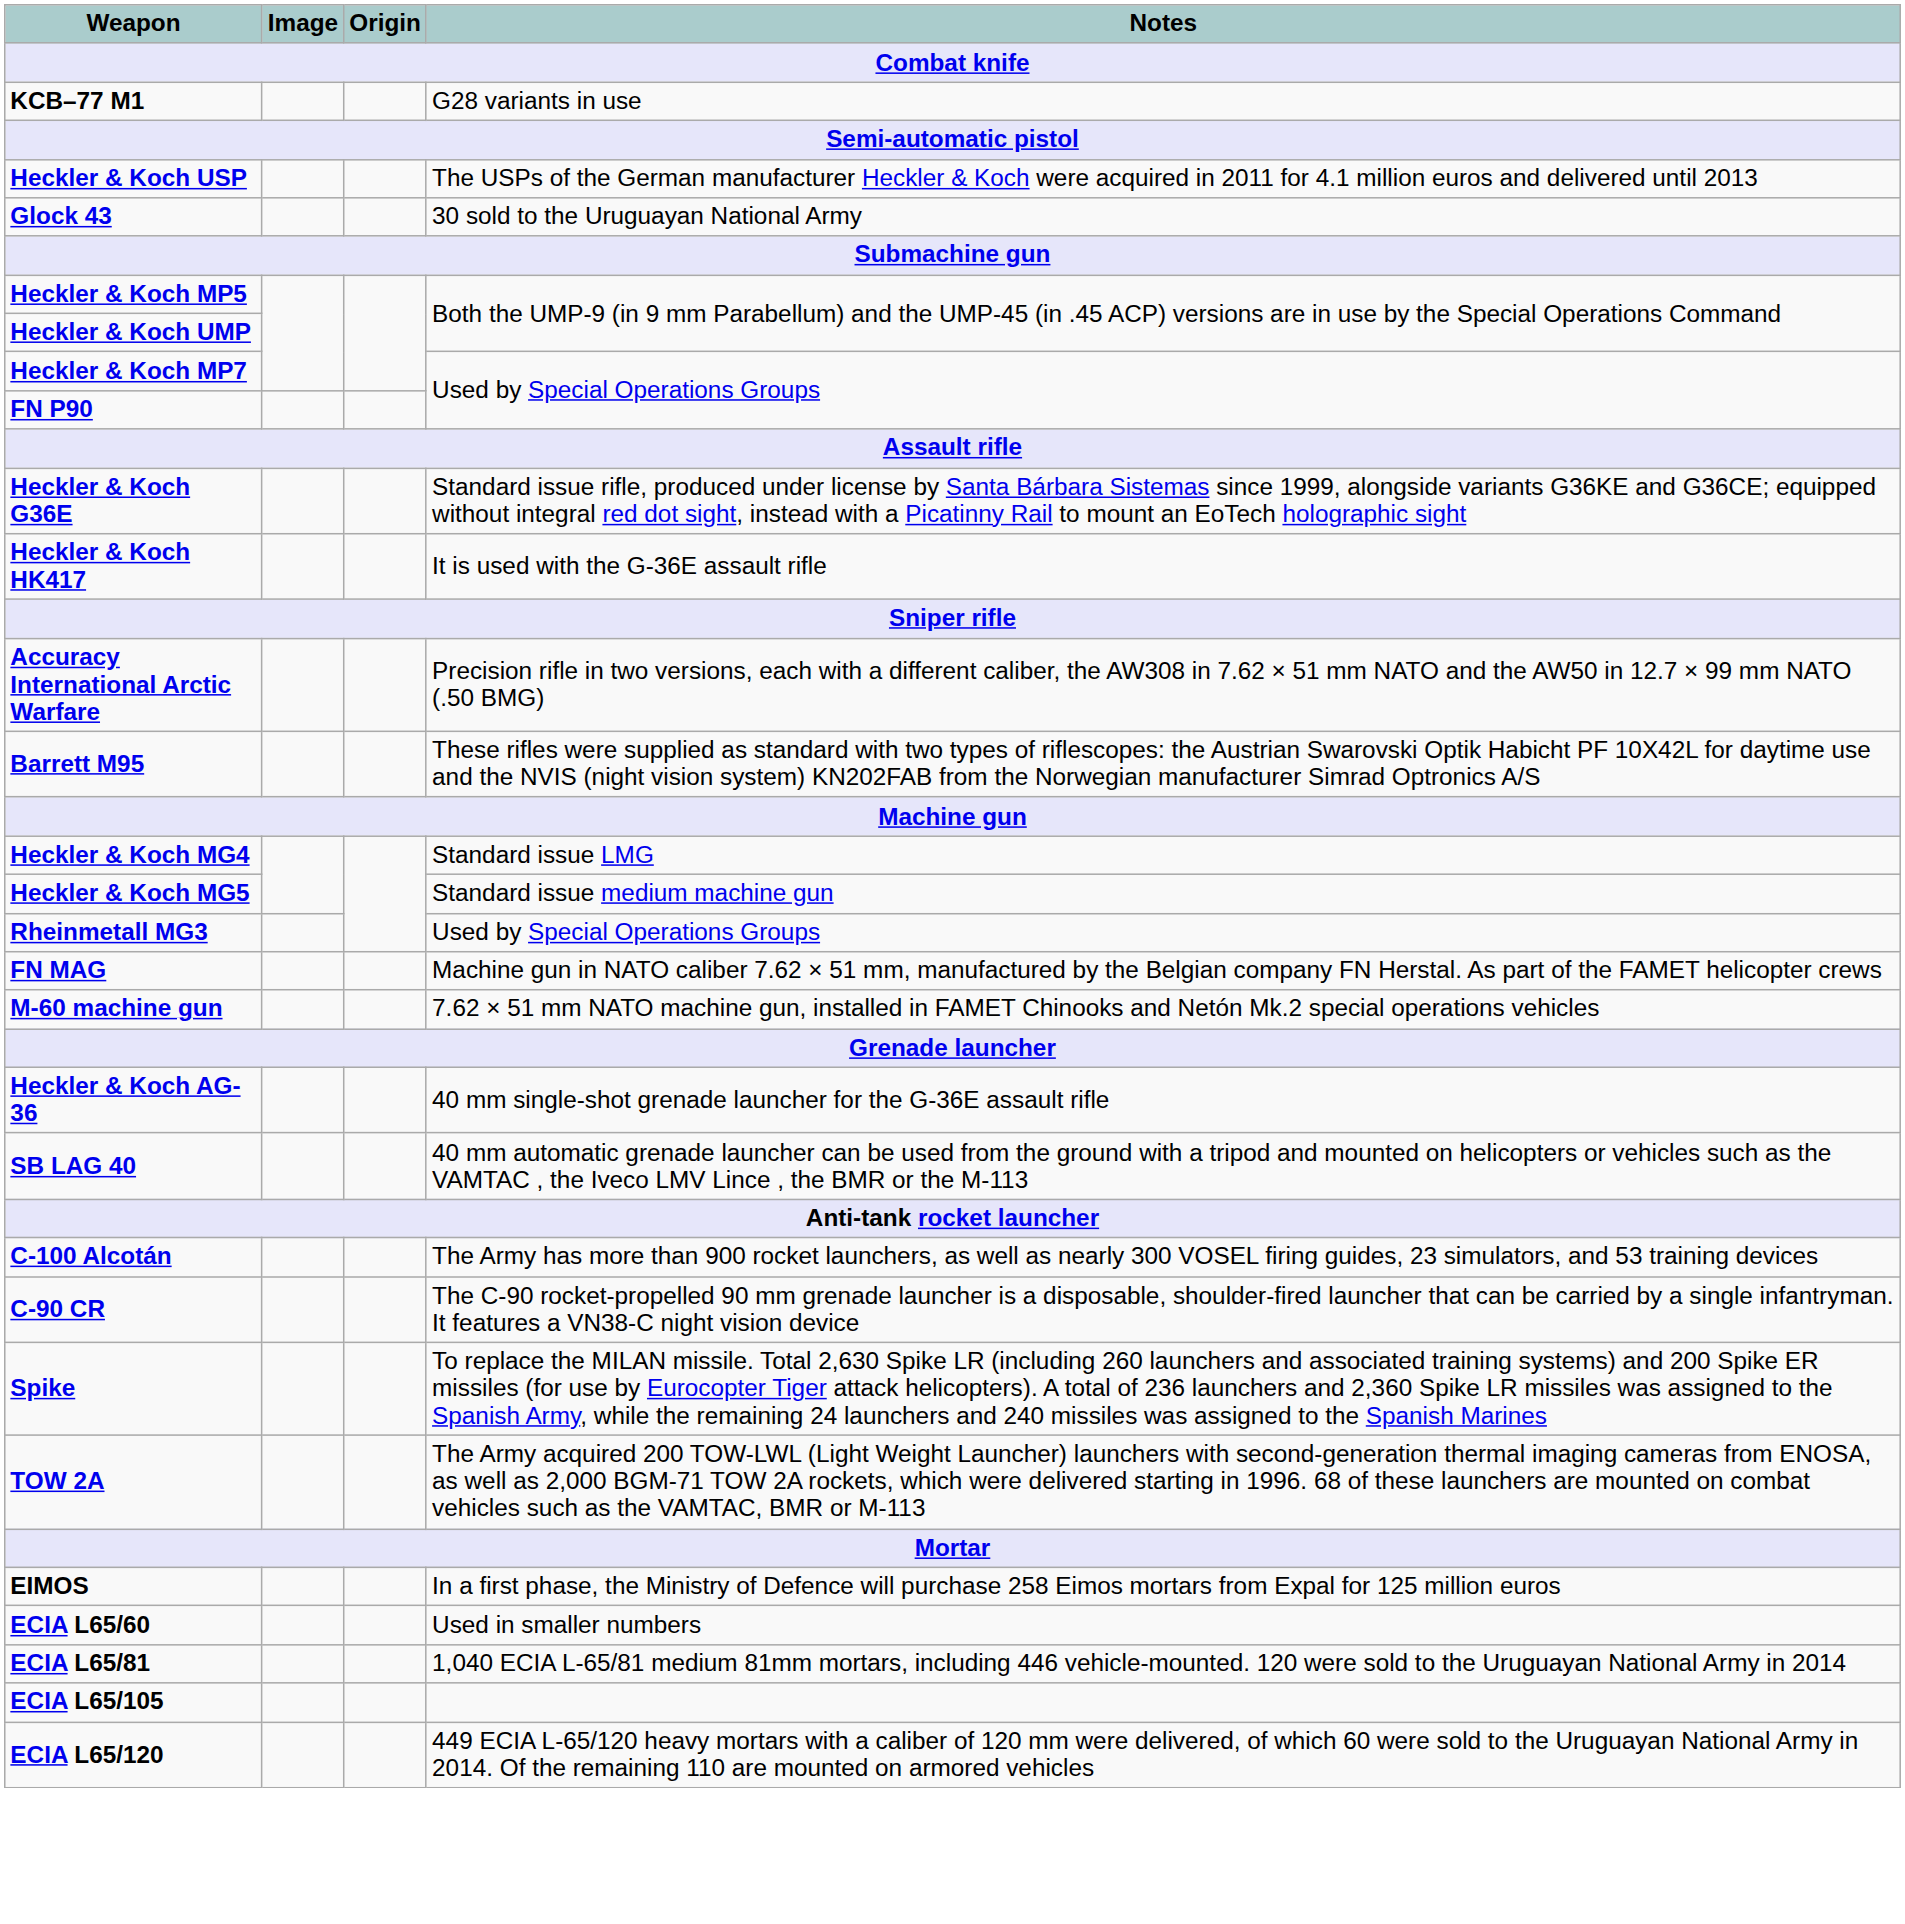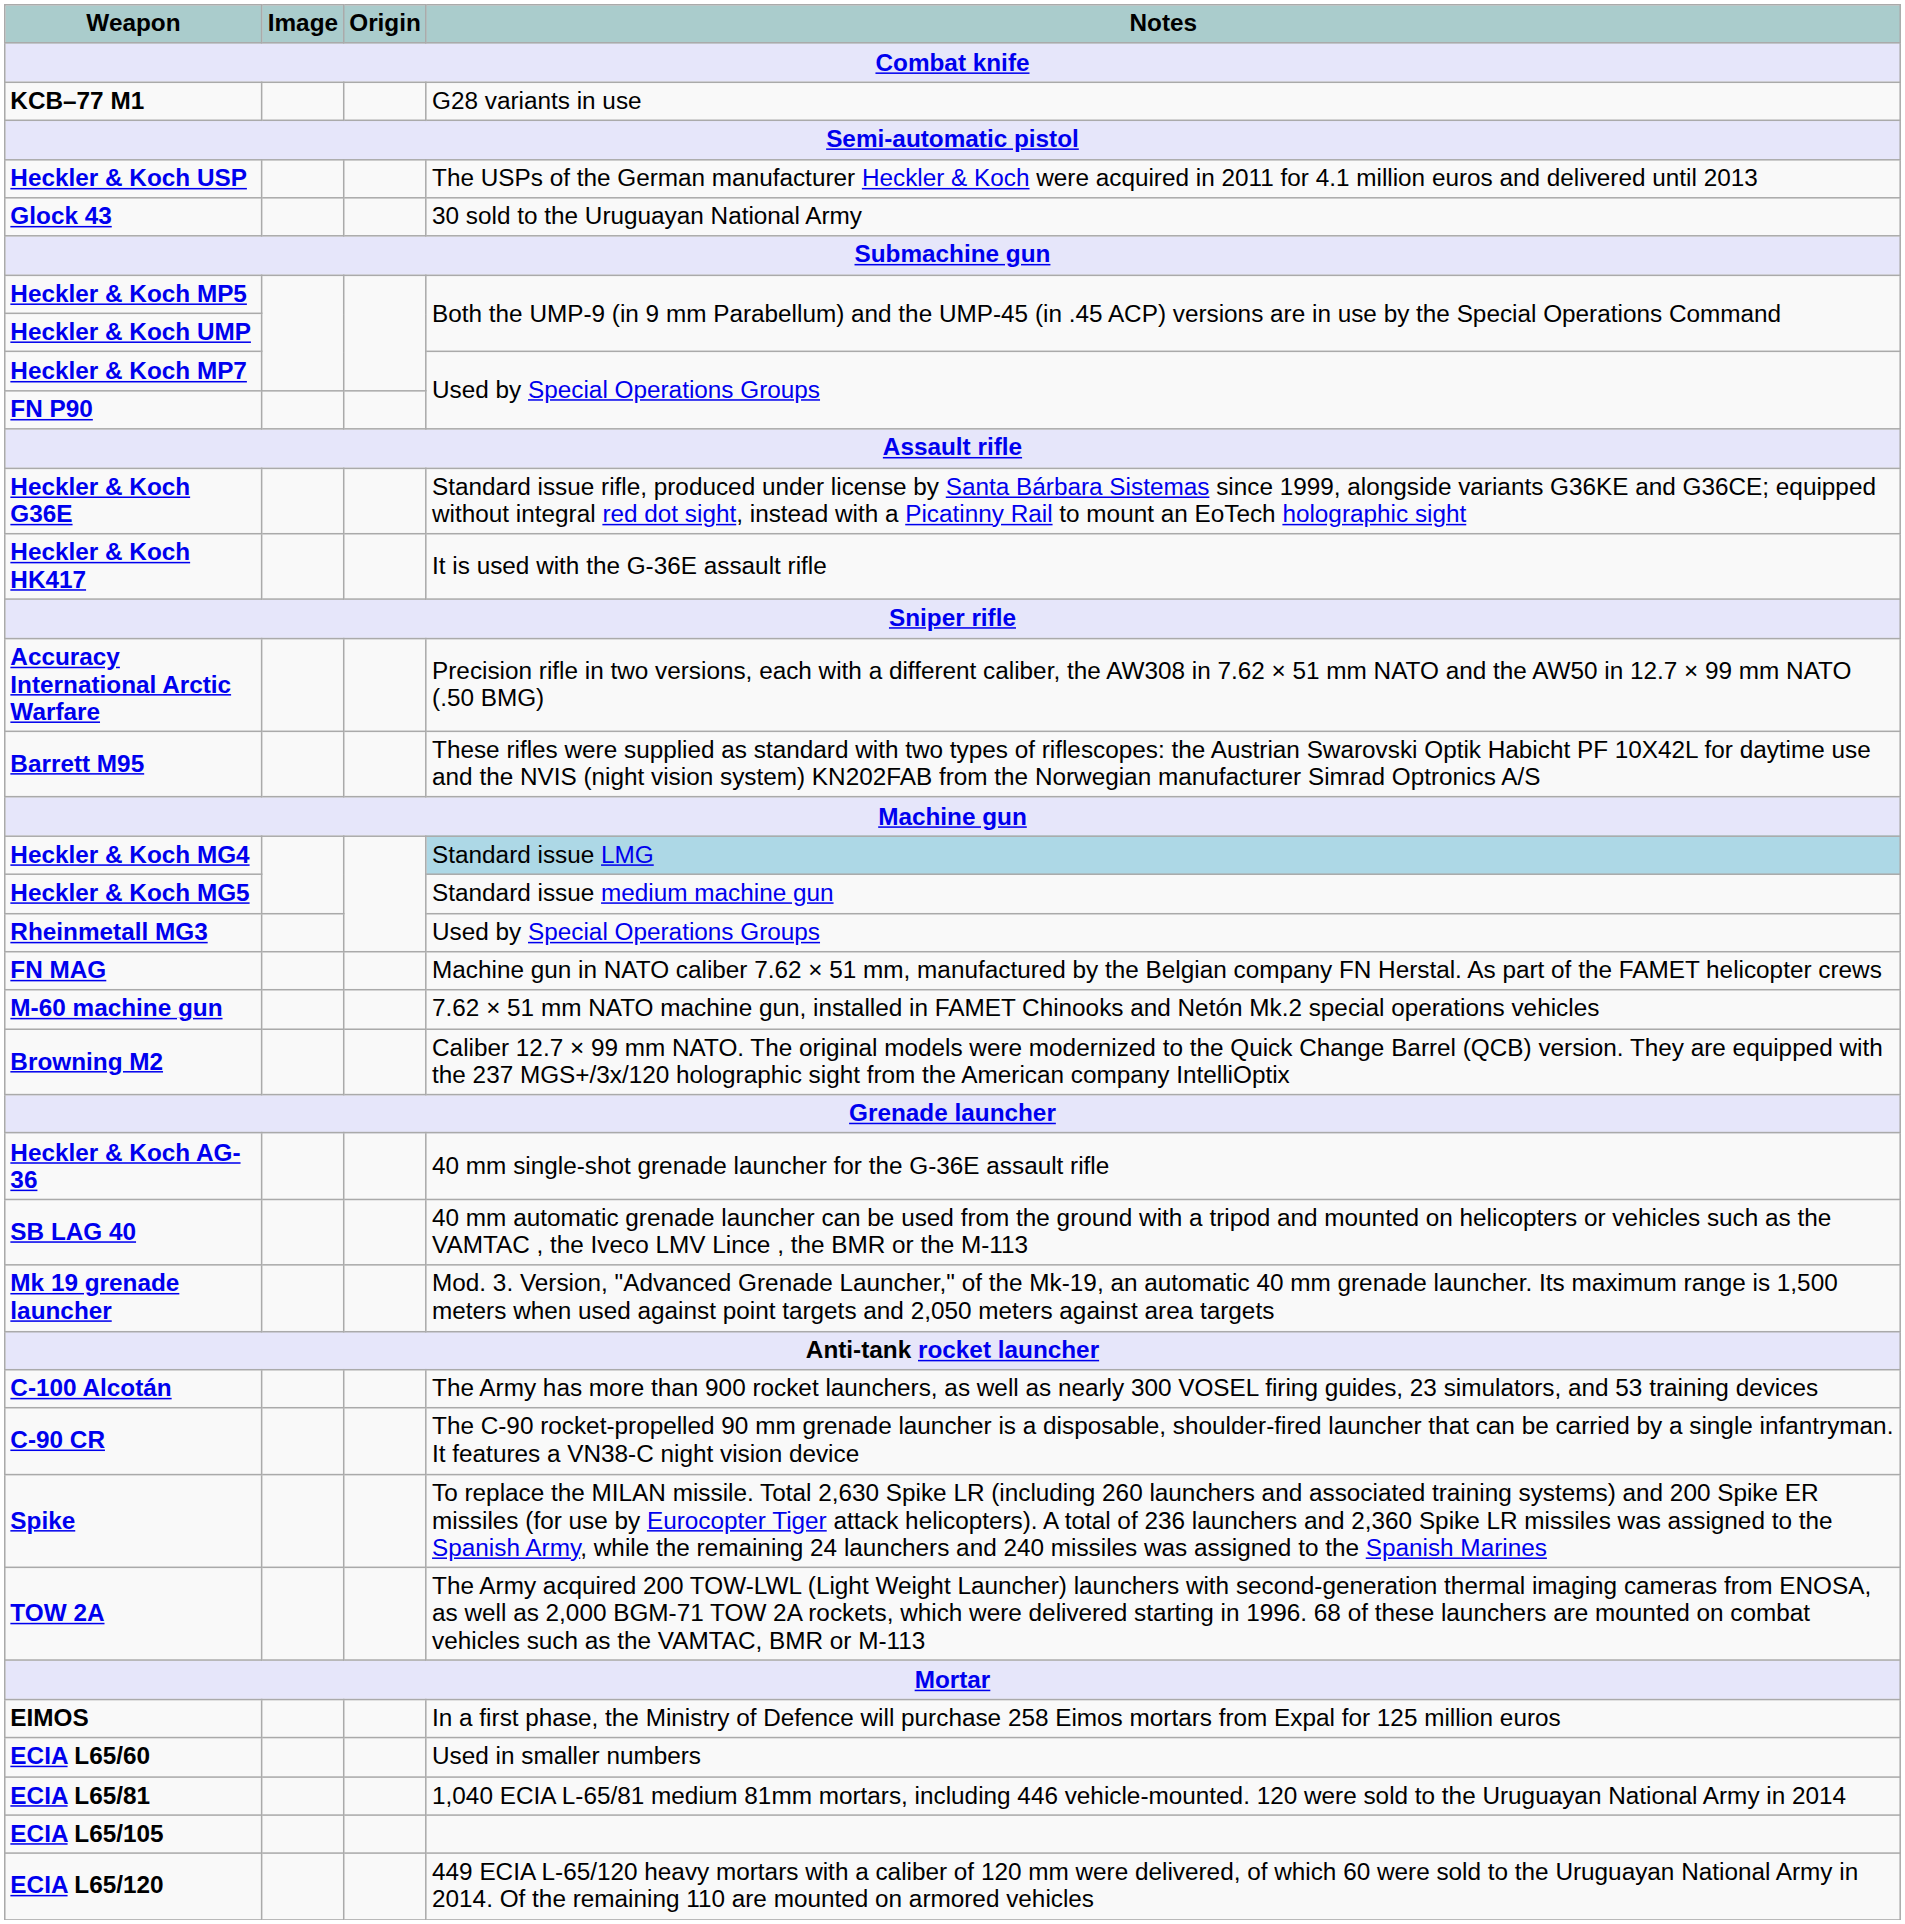 <table class="wikitable">
 <tr>
 <th style="text-align:center; background:#acc;">Weapon</th>
 <th style="text-align: center; background:#acc;">Image</th>
 <th style="text-align: center; background:#acc;">Origin</th>
 <th style="text-align:l center; background:#acc;">Notes</th>
 </tr>
 <tr>
 <th colspan="4" style="align: center; background: lavender;"><a href='#'>Combat knife</a></th>
 </tr>
 <tr>
 <td><strong>KCB–77 M1</strong></td>
 <td></td>
 <td></td>
 <td>G28 variants in use</td>
 </tr>
 <tr>
 <th colspan="4" style="align: center; background: lavender;"><a href='#'>Semi-automatic pistol</a></th>
 </tr>
 <tr>
 <td><strong><a href='#'>Heckler & Koch USP</a></strong></td>
 <td></td>
 <td></td>
 <td>The USPs of the German manufacturer <a href='#'>Heckler & Koch</a> were acquired in 2011 for 4.1 million euros and delivered until 2013</td>
 </tr>
 <tr>
 <td><strong><a href='#'>Glock 43</a></strong></td>
 <td></td>
 <td></td>
 <td>30 sold to the Uruguayan National Army</td>
 </tr>
 <tr>
 <th colspan="4" style="align: center; background: lavender;"><a href='#'>Submachine gun</a></th>
 </tr>
 <tr>
 <td><strong><a href='#'>Heckler & Koch MP5</a></strong></td>
 <td rowspan="3"></td>
 <td rowspan="3"></td>
 <td rowspan="2">Both the UMP-9 (in 9 mm Parabellum) and the UMP-45 (in .45 ACP) versions are in use by the Special Operations Command</td>
 </tr>
 <tr>
 <td><strong><a href='#'>Heckler & Koch UMP</a></strong></td>
 </tr>
 <tr>
 <td><strong><a href='#'>Heckler & Koch MP7</a></strong></td>
 <td rowspan="2">Used by <a href='#'>Special Operations Groups</a></td>
 </tr>
 <tr>
 <td><strong><a href='#'>FN P90</a></strong></td>
 <td></td>
 <td></td>
 </tr>
 <tr>
 <th colspan="4" style="align: center; background: lavender;"><a href='#'>Assault rifle</a></th>
 </tr>
 <tr>
 <td><strong><a href='#'>Heckler & Koch G36E</a></strong></td>
 <td></td>
 <td></td>
 <td>Standard issue rifle, produced under license by <a href='#'>Santa Bárbara Sistemas</a> since 1999, alongside variants G36KE and G36CE; equipped without integral <a href='#'>red dot sight</a>, instead with a <a href='#'>Picatinny Rail</a> to mount an EoTech <a href='#'>holographic sight</a></td>
 </tr>
 <tr>
 <td><strong><a href='#'>Heckler & Koch HK417</a></strong></td>
 <td></td>
 <td></td>
 <td>It is used with the G-36E assault rifle</td>
 </tr>
 <tr>
 <th colspan="4" style="align: center; background: lavender;"><a href='#'>Sniper rifle</a></th>
 </tr>
 <tr>
 <td><strong><a href='#'>Accuracy International Arctic Warfare</a></strong></td>
 <td></td>
 <td></td>
 <td>Precision rifle in two versions, each with a different caliber, the AW308 in 7.62 × 51 mm NATO and the AW50 in 12.7 × 99 mm NATO (.50 BMG)</td>
 </tr>
 <tr>
 <td><strong><a href='#'>Barrett M95</a></strong></td>
 <td></td>
 <td></td>
 <td>These rifles were supplied as standard with two types of riflescopes: the Austrian Swarovski Optik Habicht PF 10X42L for daytime use and the NVIS (night vision system) KN202FAB from the Norwegian manufacturer Simrad Optronics A/S</td>
 </tr>
 <tr>
 <th colspan="4" style="align: center; background: lavender;"><a href='#'>Machine gun</a></th>
 </tr>
 <tr>
 <td><strong><a href='#'>Heckler & Koch MG4</a></strong></td>
 <td rowspan="2"></td>
 <td rowspan="3"></td>
-<td>Standard issue <a href='#'>LMG</a></td>
+<td style="background: lightblue;">Standard issue <a href='#'>LMG</a></td>
 </tr>
 <tr>
 <td><strong><a href='#'>Heckler & Koch MG5</a></strong></td>
 <td>Standard issue <a href='#'>medium machine gun</a></td>
 </tr>
 <tr>
 <td><strong><a href='#'>Rheinmetall MG3</a></strong></td>
 <td></td>
 <td>Used by <a href='#'>Special Operations Groups</a></td>
 </tr>
 <tr>
 <td><strong><a href='#'>FN MAG</a></strong></td>
 <td></td>
 <td></td>
 <td>Machine gun in NATO caliber 7.62 × 51 mm, manufactured by the Belgian company FN Herstal. As part of the FAMET helicopter crews</td>
 </tr>
 <tr>
 <td><strong><a href='#'>M-60 machine gun</a></strong></td>
 <td></td>
 <td></td>
 <td>7.62 × 51 mm NATO machine gun, installed in FAMET Chinooks and Netón Mk.2 special operations vehicles</td>
 </tr>
 <tr>
+<td><strong><a href='#'>Browning M2</a></strong></td>
+<td></td>
+<td></td>
+<td>Caliber 12.7 × 99 mm NATO. The original models were modernized to the Quick Change Barrel (QCB) version. They are equipped with the 237 MGS+/3x/120 holographic sight from the American company IntelliOptix</td>
+</tr>
+<tr>
 <th colspan="4" style="align: center; background: lavender;"><a href='#'>Grenade launcher</a></th>
 </tr>
 <tr>
 <td><strong><a href='#'>Heckler & Koch AG-36</a></strong></td>
 <td></td>
 <td></td>
 <td>40 mm single-shot grenade launcher for the G-36E assault rifle</td>
 </tr>
 <tr>
 <td><strong><a href='#'>SB LAG 40</a></strong></td>
 <td></td>
 <td></td>
 <td>40 mm automatic grenade launcher can be used from the ground with a tripod and mounted on helicopters or vehicles such as the VAMTAC , the Iveco LMV Lince , the BMR or the M-113</td>
+</tr>
+<tr>
+<td><strong><a href='#'>Mk 19 grenade launcher</a></strong></td>
+<td></td>
+<td></td>
+<td>Mod. 3. Version, "Advanced Grenade Launcher," of the Mk-19, an automatic 40 mm grenade launcher. Its maximum range is 1,500 meters when used against point targets and 2,050 meters against area targets</td>
 </tr>
 <tr>
 <th colspan="4" style="align: center; background: lavender;">Anti-tank <a href='#'>rocket launcher</a></th>
 </tr>
 <tr>
 <td><strong><a href='#'>C-100 Alcotán</a></strong></td>
 <td></td>
 <td></td>
 <td>The Army has more than 900 rocket launchers, as well as nearly 300 VOSEL firing guides, 23 simulators, and 53 training devices</td>
 </tr>
 <tr>
 <td><strong><a href='#'>C-90 CR</a></strong></td>
 <td></td>
 <td></td>
 <td>The C-90 rocket-propelled 90 mm grenade launcher is a disposable, shoulder-fired launcher that can be carried by a single infantryman. It features a VN38-C night vision device</td>
 </tr>
 <tr>
 <td><strong><a href='#'>Spike</a></strong></td>
 <td></td>
 <td></td>
 <td>To replace the MILAN missile. Total 2,630 Spike LR (including 260 launchers and associated training systems) and 200 Spike ER missiles (for use by <a href='#'>Eurocopter Tiger</a> attack helicopters). A total of 236 launchers and 2,360 Spike LR missiles was assigned to the <a href='#'>Spanish Army</a>, while the remaining 24 launchers and 240 missiles was assigned to the <a href='#'>Spanish Marines</a></td>
 </tr>
 <tr>
 <td><strong><a href='#'>TOW 2A</a></strong></td>
 <td></td>
 <td></td>
 <td>The Army acquired 200 TOW-LWL (Light Weight Launcher) launchers with second-generation thermal imaging cameras from ENOSA, as well as 2,000 BGM-71 TOW 2A rockets, which were delivered starting in 1996. 68 of these launchers are mounted on combat vehicles such as the VAMTAC, BMR or M-113</td>
 </tr>
 <tr>
 <th colspan="4" style="align: center; background: lavender;"><a href='#'>Mortar</a></th>
 </tr>
 <tr>
 <td><strong>EIMOS</strong></td>
 <td></td>
 <td></td>
 <td>In a first phase, the Ministry of Defence will purchase 258 Eimos mortars from Expal for 125 million euros</td>
 </tr>
 <tr>
 <td><strong><a href='#'>ECIA</a> L65/60</strong></td>
 <td></td>
 <td></td>
 <td>Used in smaller numbers</td>
 </tr>
 <tr>
 <td><strong><a href='#'>ECIA</a> L65/81</strong></td>
 <td></td>
 <td></td>
 <td>1,040 ECIA L-65/81 medium 81mm mortars, including 446 vehicle-mounted. 120 were sold to the Uruguayan National Army in 2014</td>
 </tr>
 <tr>
 <td><strong><a href='#'>ECIA</a> L65/105</strong></td>
 <td></td>
 <td></td>
 <td></td>
 </tr>
 <tr>
 <td><strong><a href='#'>ECIA</a> L65/120</strong></td>
 <td></td>
 <td></td>
 <td>449 ECIA L-65/120 heavy mortars with a caliber of 120 mm were delivered, of which 60 were sold to the Uruguayan National Army in 2014. Of the remaining 110 are mounted on armored vehicles</td>
 </tr>
 </table>
